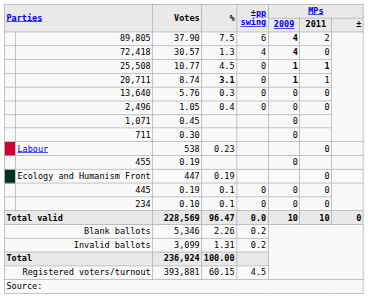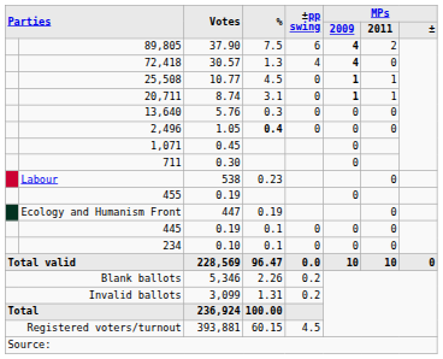 <table class="wikitable" style="text-align:right; font-size:95%;">
 <tr>
 <th rowspan="2" colspan="2" style="background:#e9e9e9; text-align:left;" alignleft><a href='#'>Parties</a></th>
 <th rowspan="2" style="background:#e9e9e9; text-align:right;">Votes</th>
 <th rowspan="2" style="background:#e9e9e9; text-align:right;">%</th>
 <th rowspan="2" style="background:#e9e9e9; text-align:right;">±<a href='#'>pp</a> <a href='#'>swing</a></th>
 <th colspan="3" style="background:#e9e9e9; text-align:center;"><a href='#'>MPs</a></th>
 </tr>
 <tr style="background-color:#E9E9E9">
 <th style="background-color:#E9E9E9;text-align:center;"><a href='#'>2009</a></th>
 <th style="background-color:#E9E9E9;text-align:center;">2011</th>
 <th style="background:#e9e9e9; text-align:right;">±</th>
 </tr>
 <tr>
 <td></td>
 <td>89,805</td>
 <td>37.90</td>
 <td>7.5</td>
 <td>6</td>
 <td><strong>4</strong></td>
 <td>2</td>
 </tr>
 <tr>
 <td></td>
 <td>72,418</td>
 <td>30.57</td>
 <td>1.3</td>
 <td>4</td>
 <td><strong>4</strong></td>
 <td>0</td>
 </tr>
 <tr>
 <td></td>
 <td>25,508</td>
 <td>10.77</td>
 <td>4.5</td>
 <td>0</td>
 <td><strong>1</strong></td>
-<td><strong>1</strong></td>
+<td>1</td>
 </tr>
 <tr>
 <td></td>
 <td>20,711</td>
 <td>8.74</td>
-<td><strong>3.1</strong></td>
+<td>3.1</td>
 <td>0</td>
 <td><strong>1</strong></td>
 <td>1</td>
 </tr>
 <tr>
 <td></td>
 <td>13,640</td>
 <td>5.76</td>
 <td>0.3</td>
 <td>0</td>
 <td>0</td>
 <td>0</td>
 </tr>
 <tr>
 <td></td>
 <td>2,496</td>
 <td>1.05</td>
-<td>0.4</td>
+<td><strong>0.4</strong></td>
 <td>0</td>
 <td>0</td>
 <td>0</td>
 </tr>
 <tr>
 <td></td>
 <td>1,071</td>
 <td>0.45</td>
 <td></td>
 <td></td>
 <td>0</td>
 <td></td>
 </tr>
 <tr>
 <td></td>
 <td>711</td>
 <td>0.30</td>
 <td></td>
 <td></td>
 <td>0</td>
 <td></td>
 </tr>
 <tr>
 <td style="width: 10px" bgcolor=#CC0033 align="center"></td>
 <td align=left><a href='#'>Labour</a></td>
 <td>538</td>
 <td>0.23</td>
 <td></td>
 <td></td>
 <td>0</td>
 <td></td>
 </tr>
 <tr>
 <td></td>
 <td>455</td>
 <td>0.19</td>
 <td></td>
 <td></td>
 <td>0</td>
 <td></td>
 </tr>
 <tr>
 <td style="width:10px;background-color:#013220;text-align:center;"></td>
 <td style="text-align:left;">Ecology and Humanism Front </td>
 <td>447</td>
 <td>0.19</td>
 <td></td>
 <td></td>
 <td>0</td>
 <td></td>
 </tr>
 <tr>
 <td></td>
 <td>445</td>
 <td>0.19</td>
 <td>0.1</td>
 <td>0</td>
 <td>0</td>
 <td>0</td>
 </tr>
 <tr>
 <td></td>
 <td>234</td>
 <td>0.10</td>
 <td>0.1</td>
 <td>0</td>
 <td>0</td>
 <td>0</td>
 </tr>
 <tr>
 <td colspan=2 align=left style="background-color:#E9E9E9"><strong>Total valid</strong></td>
 <td width="65" align="right" style="background-color:#E9E9E9"><strong>228,569</strong></td>
 <td width="40" align="right" style="background-color:#E9E9E9"><strong>96.47</strong></td>
 <td width="40" align="right" style="background-color:#E9E9E9"><strong>0.0</strong></td>
 <td width="40" align="right" style="background-color:#E9E9E9"><strong>10</strong></td>
 <td width="40" align="right" style="background-color:#E9E9E9"><strong>10</strong></td>
 <td width="40" align="right" style="background-color:#E9E9E9"><strong>0</strong></td>
 </tr>
 <tr>
 <td colspan=2>Blank ballots</td>
 <td>5,346</td>
 <td>2.26</td>
 <td>0.2</td>
 <td colspan=4 rowspan=4></td>
 </tr>
 <tr>
 <td colspan=2>Invalid ballots</td>
 <td>3,099</td>
 <td>1.31</td>
 <td>0.2</td>
 </tr>
 <tr>
 <td colspan=2 align=left style="background-color:#E9E9E9"><strong>Total</strong></td>
 <td width="50" align="right" style="background-color:#E9E9E9"><strong>236,924</strong></td>
 <td width="40" align="right" style="background-color:#E9E9E9"><strong>100.00</strong></td>
 <td width="40" align="right" style="background-color:#E9E9E9"></td>
 </tr>
 <tr>
 <td colspan=2>Registered voters/turnout</td>
 <td>393,881</td>
 <td>60.15</td>
 <td>4.5</td>
 </tr>
 <tr>
 <td colspan=11 align=left>Source: </td>
 </tr>
 </table>
